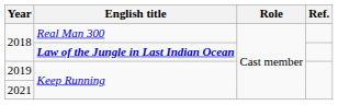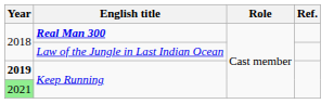 <table class="wikitable">
 <tr>
 <th>Year</th>
 <th>English title</th>
 <th>Role</th>
 <th>Ref.</th>
 </tr>
 <tr>
 <td rowspan="2">2018</td>
-<td><em><a href='#'>Real Man 300</a></em></td>
+<td><strong><em><a href='#'>Real Man 300</a></em></strong></td>
 <td rowspan="4">Cast member</td>
 <td></td>
 </tr>
 <tr>
-<td><strong><em><a href='#'>Law of the Jungle in Last Indian Ocean</a></em></strong></td>
+<td><em><a href='#'>Law of the Jungle in Last Indian Ocean</a></em></td>
 <td></td>
 </tr>
 <tr>
-<td>2019</td>
+<td><strong>2019</strong></td>
 <td rowspan="2"><em><a href='#'>Keep Running</a></em></td>
 <td rowspan="2"></td>
 </tr>
 <tr>
-<td>2021</td>
+<td style="background: lightgreen;">2021</td>
 </tr>
 </table>
